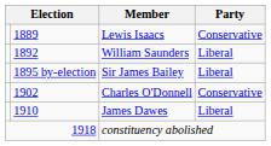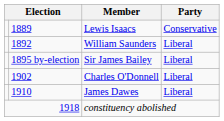 <table class="wikitable">
 <tr>
 <th colspan="2">Election</th>
 <th>Member</th>
 <th>Party</th>
 </tr>
 <tr>
 <td style="color:inherit;background-color: "></td>
 <td><a href='#'>1889</a></td>
 <td><a href='#'>Lewis Isaacs</a></td>
 <td><a href='#'>Conservative</a></td>
 </tr>
 <tr>
 <td style="color:inherit;background-color: "></td>
 <td><a href='#'>1892</a></td>
 <td><a href='#'>William Saunders</a></td>
 <td><a href='#'>Liberal</a></td>
 </tr>
 <tr>
 <td style="color:inherit;background-color: "></td>
 <td><a href='#'>1895 by-election</a></td>
 <td><a href='#'>Sir James Bailey</a></td>
 <td><a href='#'>Liberal</a></td>
 </tr>
 <tr>
 <td style="color:inherit;background-color: "></td>
 <td><a href='#'>1902</a></td>
 <td><a href='#'>Charles O'Donnell</a></td>
-<td><a href='#'>Conservative</a></td>
+<td><a href='#'>Liberal</a></td>
 </tr>
 <tr>
 <td style="color:inherit;background-color: "></td>
 <td><a href='#'>1910</a></td>
 <td><a href='#'>James Dawes</a></td>
 <td><a href='#'>Liberal</a></td>
 </tr>
 <tr>
 <td colspan="2" align="right"><a href='#'>1918</a></td>
 <td colspan="2"><em>constituency abolished</em></td>
 </tr>
 </table>
